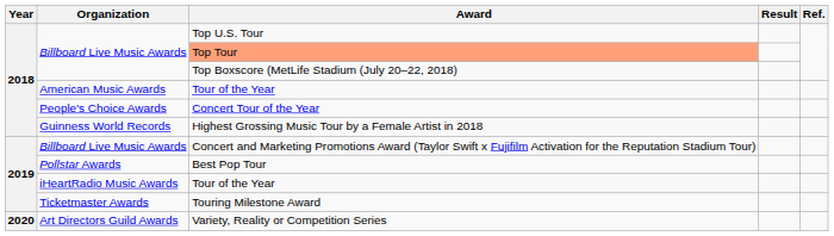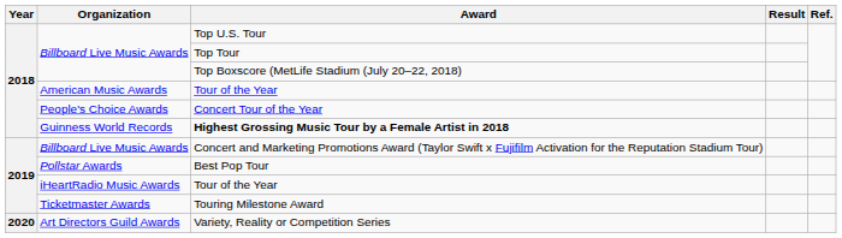 <table class="wikitable plainrowheaders">
 <tr>
 <th>Year</th>
 <th>Organization</th>
 <th>Award</th>
 <th>Result</th>
 <th>Ref.</th>
 </tr>
 <tr>
 <th scope="row" rowspan="6">2018</th>
 <td rowspan=3><a href='#'><em>Billboard</em> Live Music Awards</a></td>
 <td>Top U.S. Tour</td>
 <td></td>
 <td rowspan=3></td>
 </tr>
 <tr>
-<td style="background: lightsalmon;">Top Tour</td>
+<td>Top Tour</td>
 <td></td>
 </tr>
 <tr>
 <td>Top Boxscore (MetLife Stadium (July 20–22, 2018)</td>
 <td></td>
 </tr>
 <tr>
 <td><a href='#'>American Music Awards</a></td>
 <td><a href='#'>Tour of the Year</a></td>
 <td></td>
 <td></td>
 </tr>
 <tr>
 <td><a href='#'>People's Choice Awards</a></td>
 <td><a href='#'>Concert Tour of the Year</a></td>
 <td></td>
 <td></td>
 </tr>
 <tr>
 <td><a href='#'>Guinness World Records</a></td>
-<td>Highest Grossing Music Tour by a Female Artist in 2018</td>
+<td><strong>Highest Grossing Music Tour by a Female Artist in 2018</strong></td>
 <td></td>
 <td style="text-align:center;"></td>
 </tr>
 <tr>
 <th scope="row" rowspan="4">2019</th>
 <td rowspan=1><a href='#'><em>Billboard</em> Live Music Awards</a></td>
 <td>Concert and Marketing Promotions Award (Taylor Swift x <a href='#'>Fujifilm</a> Activation for the Reputation Stadium Tour)</td>
 <td></td>
 <td style="text-align:center;"></td>
 </tr>
 <tr>
 <td><a href='#'><em>Pollstar</em> Awards</a></td>
 <td>Best Pop Tour</td>
 <td></td>
 <td></td>
 </tr>
 <tr>
 <td><a href='#'>iHeartRadio Music Awards</a></td>
 <td>Tour of the Year</td>
 <td></td>
 <td></td>
 </tr>
 <tr>
 <td><a href='#'>Ticketmaster Awards</a></td>
 <td>Touring Milestone Award</td>
 <td></td>
 <td style="text-align:center;"></td>
 </tr>
 <tr>
 <th scope="row" rowspan="1">2020</th>
 <td><a href='#'>Art Directors Guild Awards</a></td>
 <td>Variety, Reality or Competition Series</td>
 <td></td>
 <td></td>
 </tr>
 </table>
